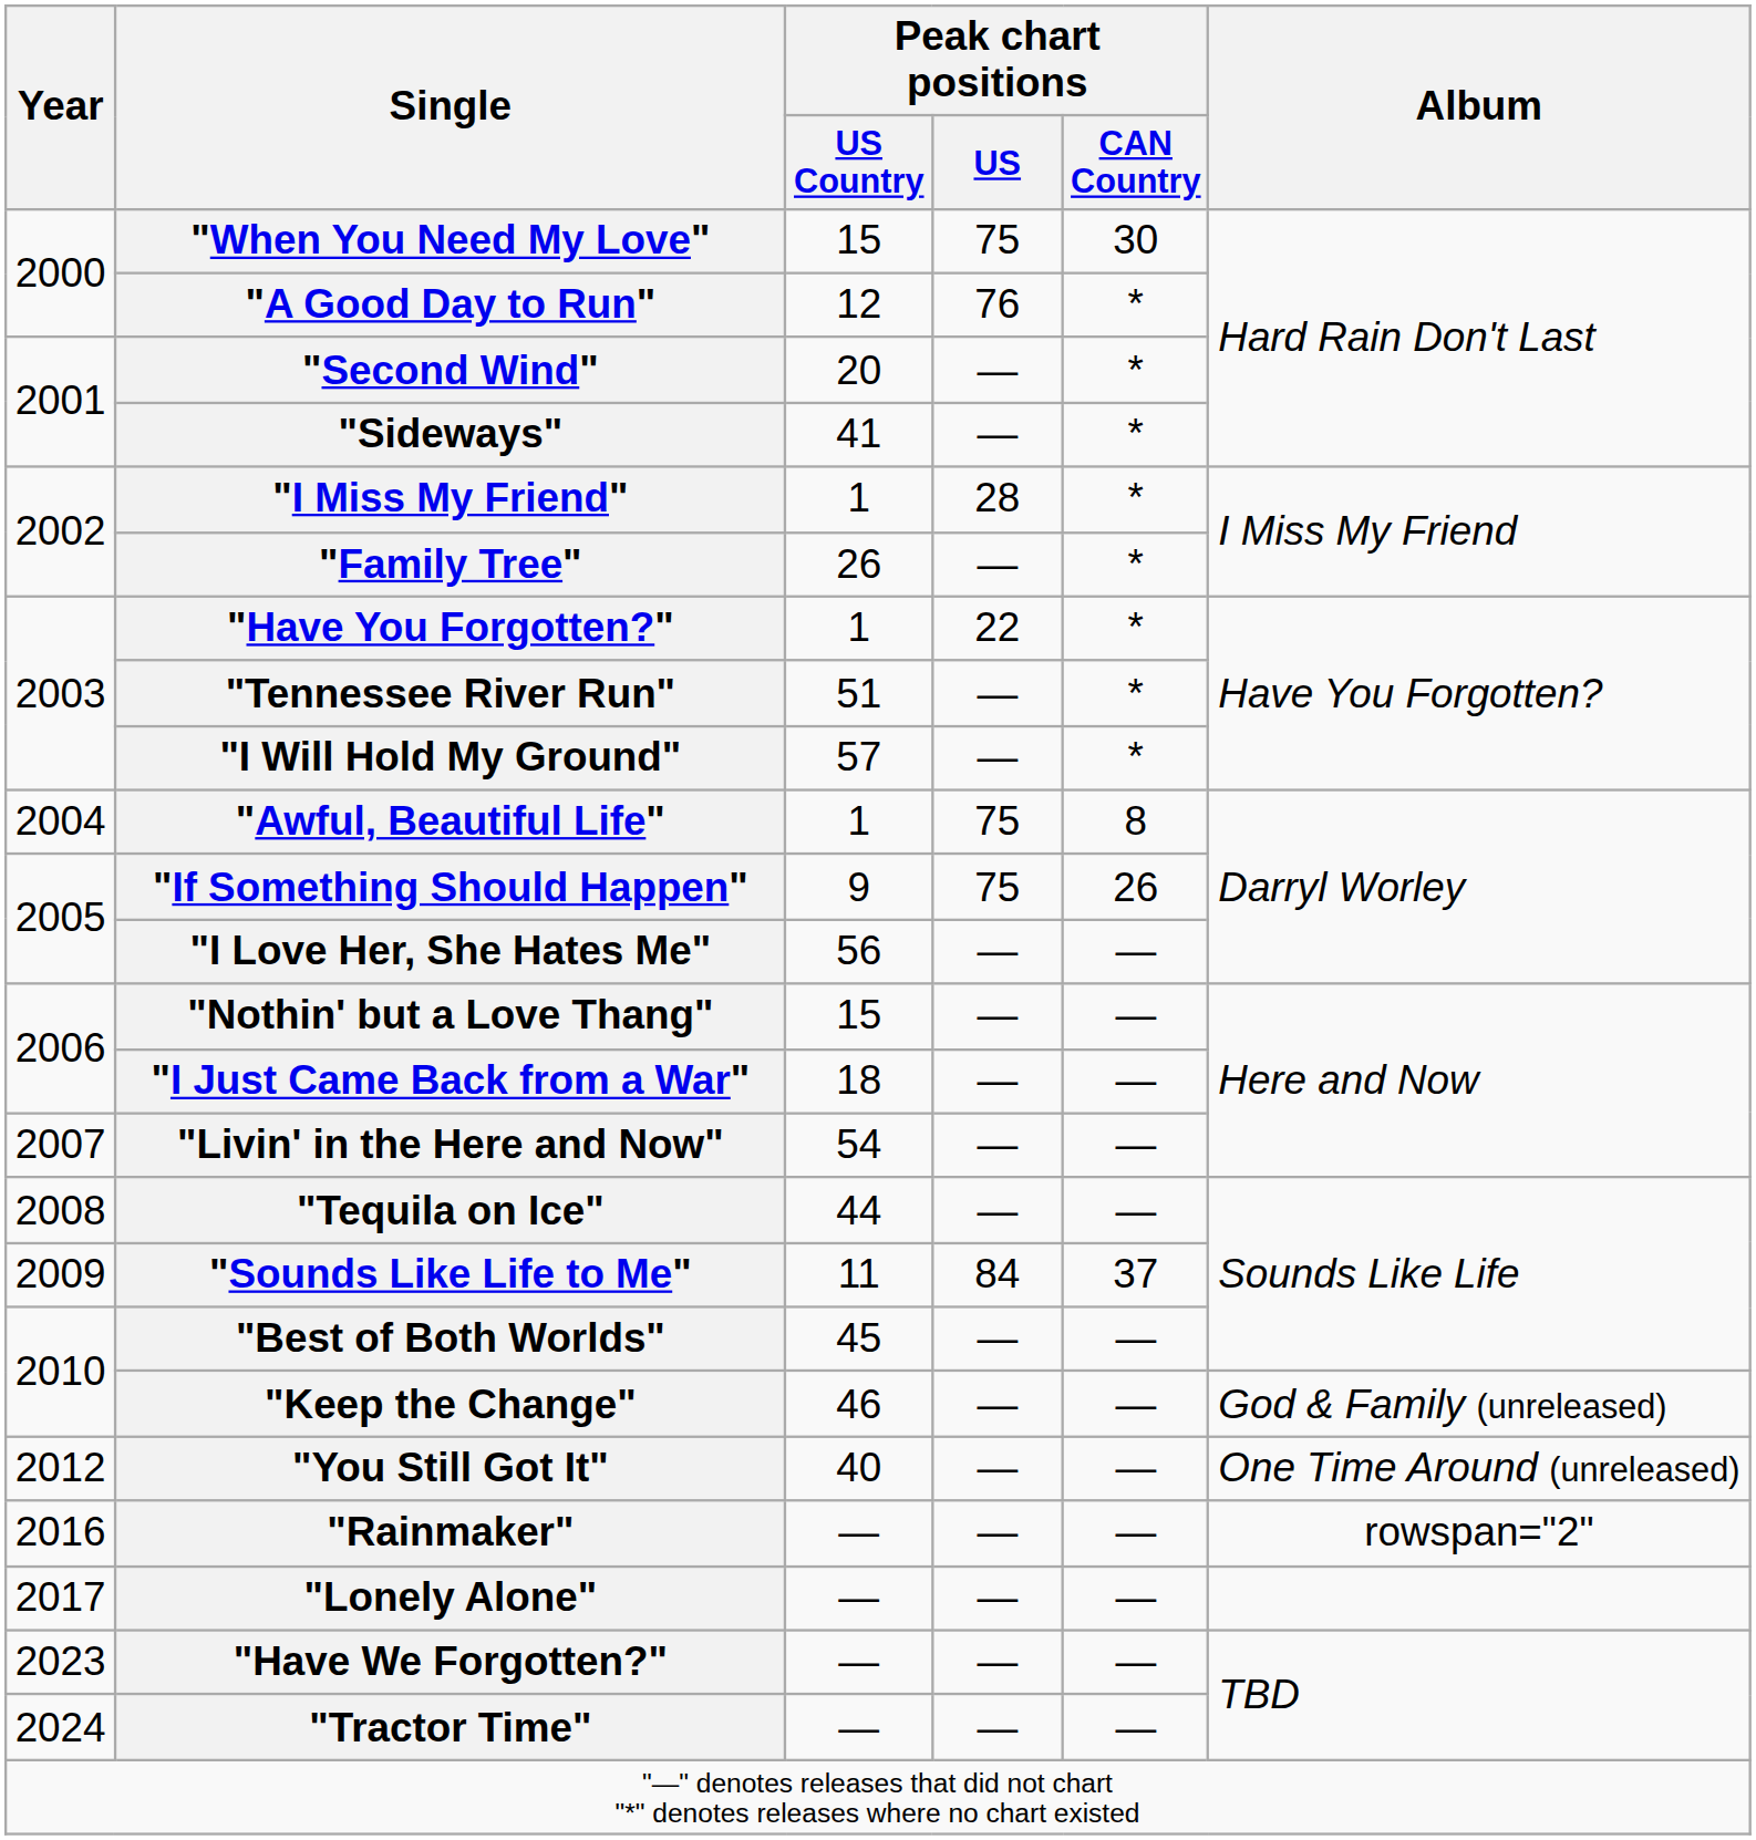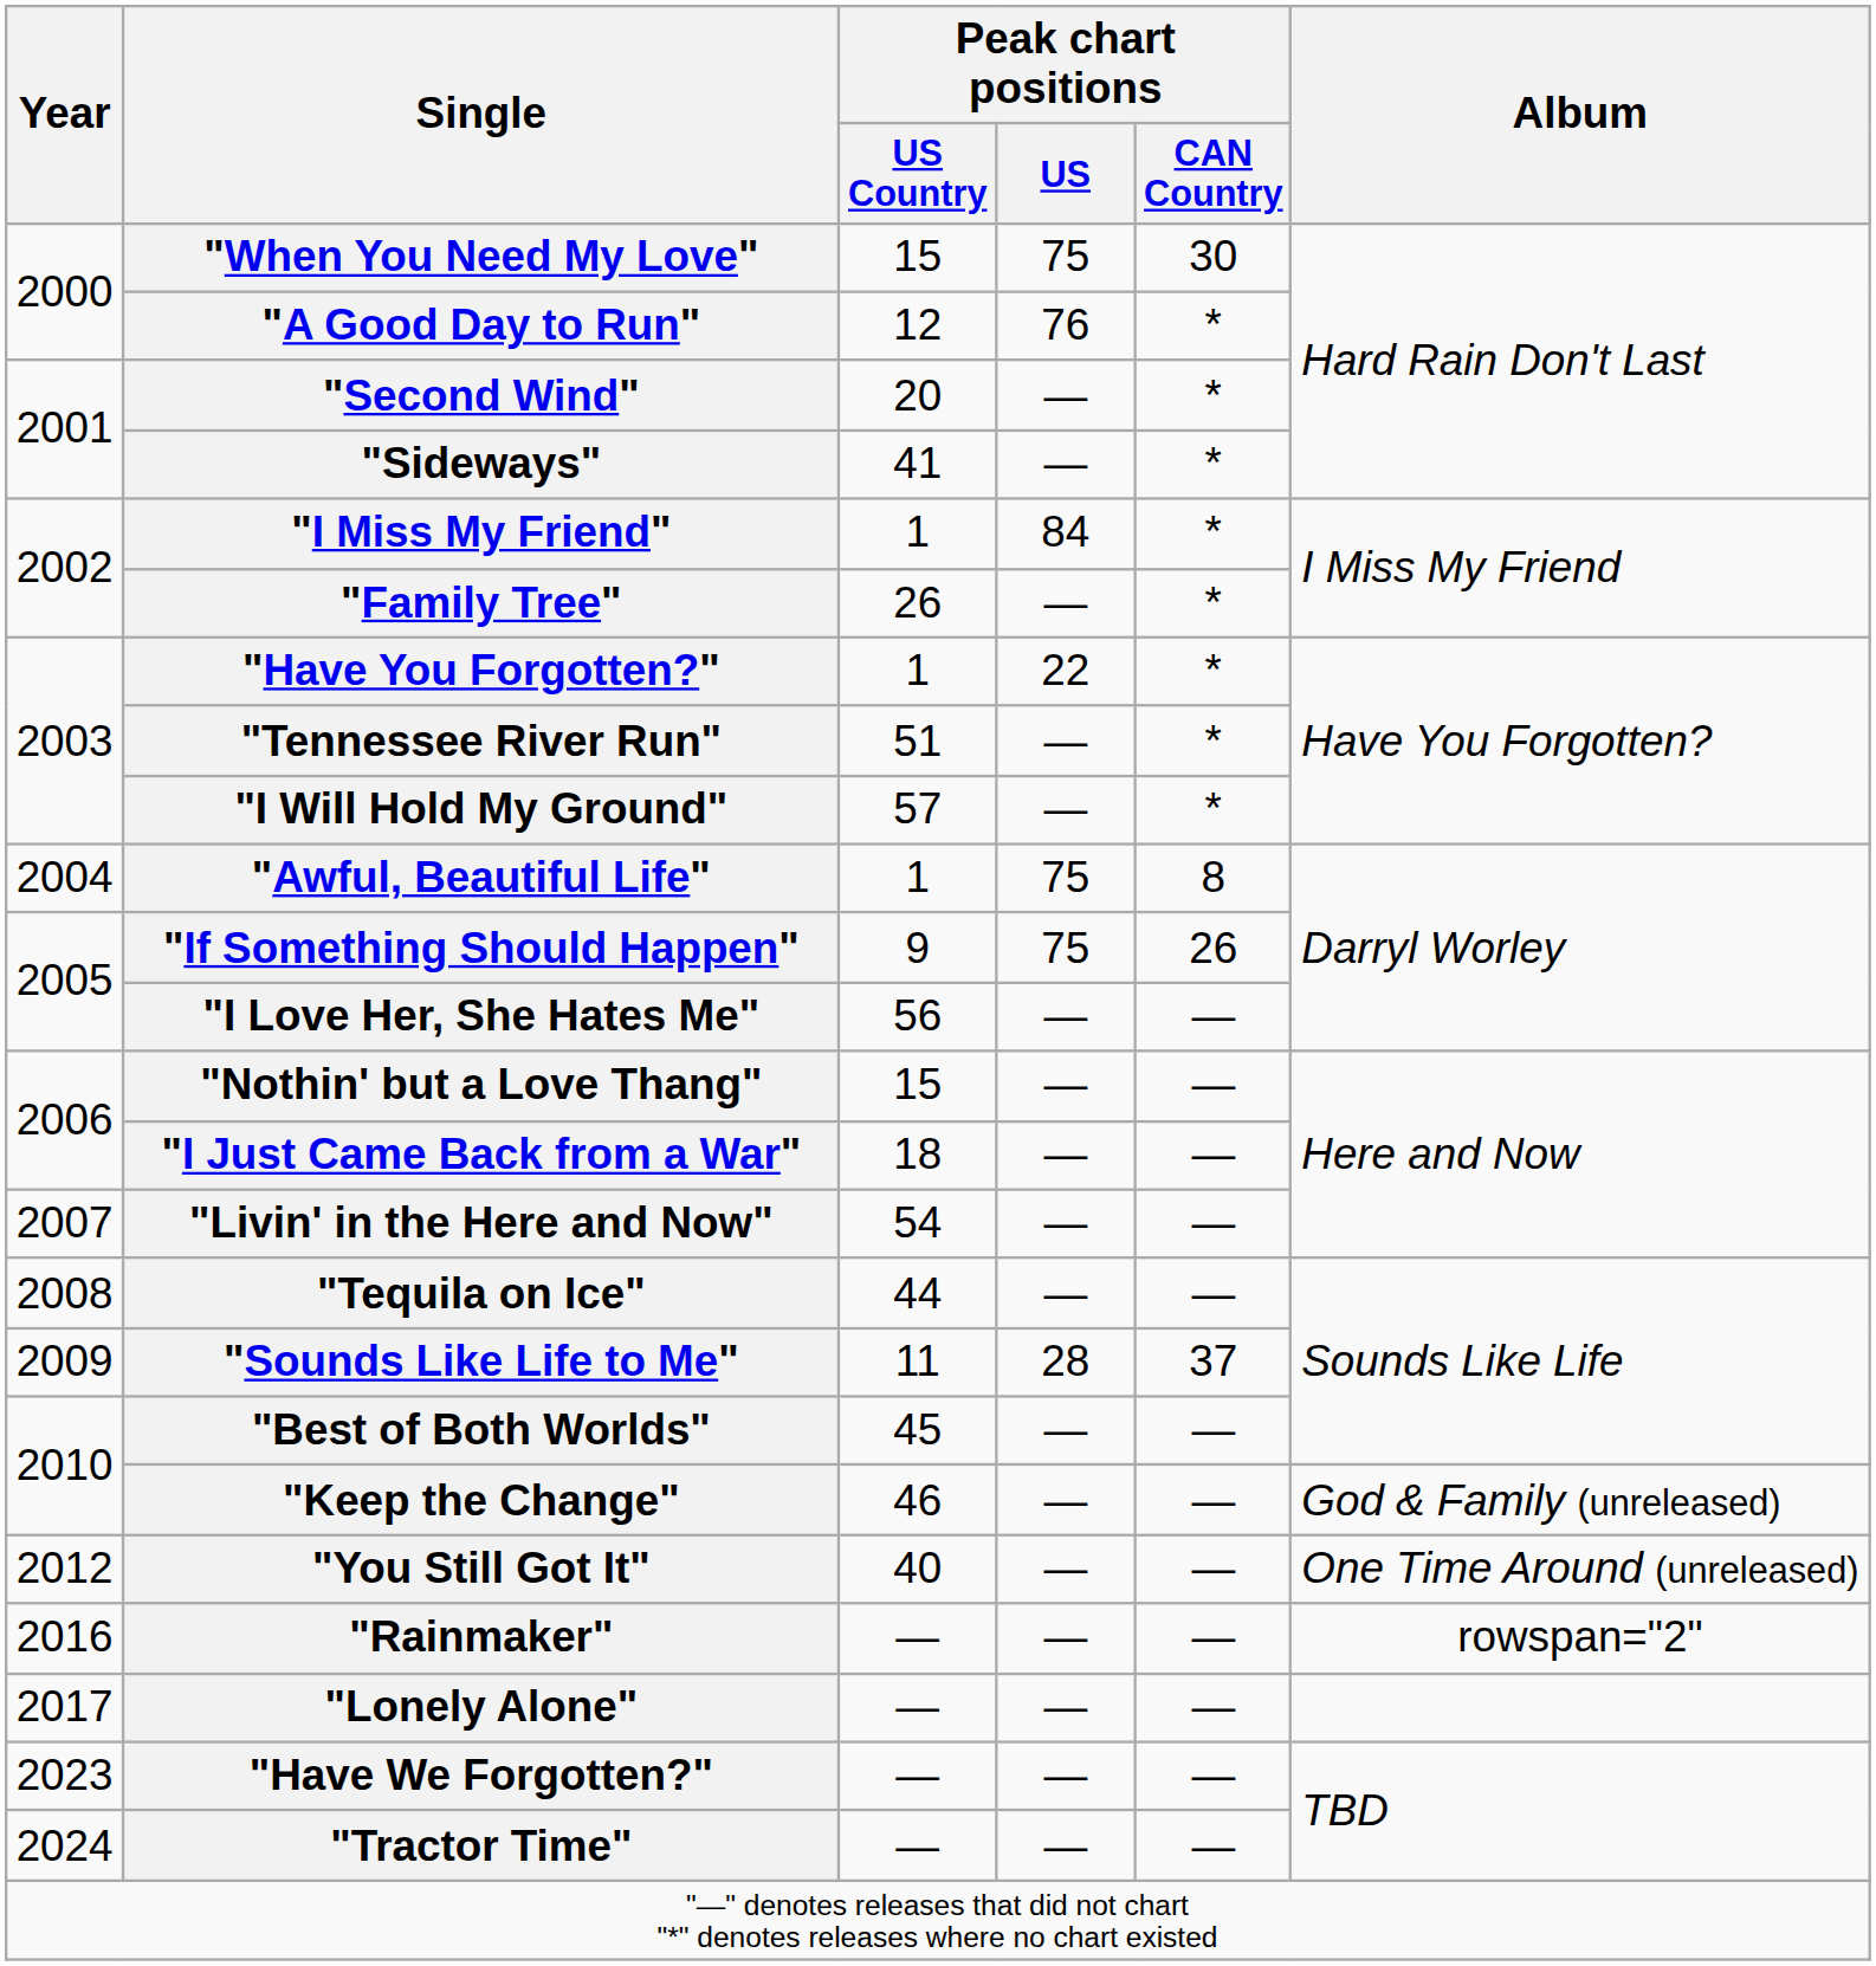 <table class="wikitable plainrowheaders" style="text-align:center;">
 <tr>
 <th rowspan="2">Year</th>
 <th rowspan="2" style="width:16em;">Single</th>
 <th colspan="3">Peak chart<br>positions</th>
 <th rowspan="2">Album</th>
 </tr>
 <tr style="font-size:smaller;">
 <th width="45"><a href='#'>US Country</a><br></th>
 <th width="45"><a href='#'>US</a><br></th>
 <th width="45"><a href='#'>CAN<br>Country</a></th>
 </tr>
 <tr>
 <td rowspan="2">2000</td>
 <th scope="row">"<a href='#'>When You Need My Love</a>"</th>
 <td>15</td>
 <td>75</td>
 <td>30</td>
 <td align="left" rowspan="4"><em>Hard Rain Don't Last</em></td>
 </tr>
 <tr>
 <th scope="row">"<a href='#'>A Good Day to Run</a>"</th>
 <td>12</td>
 <td>76</td>
 <td>*</td>
 </tr>
 <tr>
 <td rowspan="2">2001</td>
 <th scope="row">"<a href='#'>Second Wind</a>"</th>
 <td>20</td>
 <td>—</td>
 <td>*</td>
 </tr>
 <tr>
 <th scope="row">"Sideways"</th>
 <td>41</td>
 <td>—</td>
 <td>*</td>
 </tr>
 <tr>
 <td rowspan="2">2002</td>
 <th scope="row">"<a href='#'>I Miss My Friend</a>"</th>
 <td>1</td>
-<td>28</td>
+<td>84</td>
 <td>*</td>
 <td align="left" rowspan="2"><em>I Miss My Friend</em></td>
 </tr>
 <tr>
 <th scope="row">"<a href='#'>Family Tree</a>"</th>
 <td>26</td>
 <td>—</td>
 <td>*</td>
 </tr>
 <tr>
 <td rowspan="3">2003</td>
 <th scope="row">"<a href='#'>Have You Forgotten?</a>"</th>
 <td>1</td>
 <td>22</td>
 <td>*</td>
 <td align="left" rowspan="3"><em>Have You Forgotten?</em></td>
 </tr>
 <tr>
 <th scope="row">"Tennessee River Run"</th>
 <td>51</td>
 <td>—</td>
 <td>*</td>
 </tr>
 <tr>
 <th scope="row">"I Will Hold My Ground"</th>
 <td>57</td>
 <td>—</td>
 <td>*</td>
 </tr>
 <tr>
 <td>2004</td>
 <th scope="row">"<a href='#'>Awful, Beautiful Life</a>"</th>
 <td>1</td>
 <td>75</td>
 <td>8</td>
 <td align="left" rowspan="3"><em>Darryl Worley</em></td>
 </tr>
 <tr>
 <td rowspan="2">2005</td>
 <th scope="row">"<a href='#'>If Something Should Happen</a>"</th>
 <td>9</td>
 <td>75</td>
 <td>26</td>
 </tr>
 <tr>
 <th scope="row">"I Love Her, She Hates Me"</th>
 <td>56</td>
 <td>—</td>
 <td>—</td>
 </tr>
 <tr>
 <td rowspan="2">2006</td>
 <th scope="row">"Nothin' but a Love Thang"</th>
 <td>15</td>
 <td>—</td>
 <td>—</td>
 <td align="left" rowspan="3"><em>Here and Now</em></td>
 </tr>
 <tr>
 <th scope="row">"<a href='#'>I Just Came Back from a War</a>"</th>
 <td>18</td>
 <td>—</td>
 <td>—</td>
 </tr>
 <tr>
 <td>2007</td>
 <th scope="row">"Livin' in the Here and Now"</th>
 <td>54</td>
 <td>—</td>
 <td>—</td>
 </tr>
 <tr>
 <td>2008</td>
 <th scope="row">"Tequila on Ice"</th>
 <td>44</td>
 <td>—</td>
 <td>—</td>
 <td align="left" rowspan="3"><em>Sounds Like Life</em></td>
 </tr>
 <tr>
 <td>2009</td>
 <th scope="row">"<a href='#'>Sounds Like Life to Me</a>"</th>
 <td>11</td>
-<td>84</td>
+<td>28</td>
 <td>37</td>
 </tr>
 <tr>
 <td rowspan="2">2010</td>
 <th scope="row">"Best of Both Worlds"</th>
 <td>45</td>
 <td>—</td>
 <td>—</td>
 </tr>
 <tr>
 <th scope="row">"Keep the Change"</th>
 <td>46</td>
 <td>—</td>
 <td>—</td>
 <td align="left"><em>God & Family</em> <small>(unreleased)</small></td>
 </tr>
 <tr>
 <td>2012</td>
 <th scope="row">"You Still Got It"</th>
 <td>40</td>
 <td>—</td>
 <td>—</td>
 <td align="left"><em>One Time Around</em> <small>(unreleased)</small></td>
 </tr>
 <tr>
 <td>2016</td>
 <th scope="row">"Rainmaker"</th>
 <td>—</td>
 <td>—</td>
 <td>—</td>
 <td>rowspan="2"  </td>
 </tr>
 <tr>
 <td>2017</td>
 <th scope="row">"Lonely Alone"</th>
 <td>—</td>
 <td>—</td>
 <td>—</td>
 </tr>
 <tr>
 <td>2023</td>
 <th scope="row">"Have We Forgotten?"</th>
 <td>—</td>
 <td>—</td>
 <td>—</td>
 <td align="left" rowspan="2"><em>TBD</em></td>
 </tr>
 <tr>
 <td>2024</td>
 <th scope="row">"Tractor Time"<br></th>
 <td>—</td>
 <td>—</td>
 <td>—</td>
 </tr>
 <tr>
 <td colspan="6" style="font-size:8pt">"—" denotes releases that did not chart<br>"*" denotes releases where no chart existed</td>
 </tr>
 </table>
